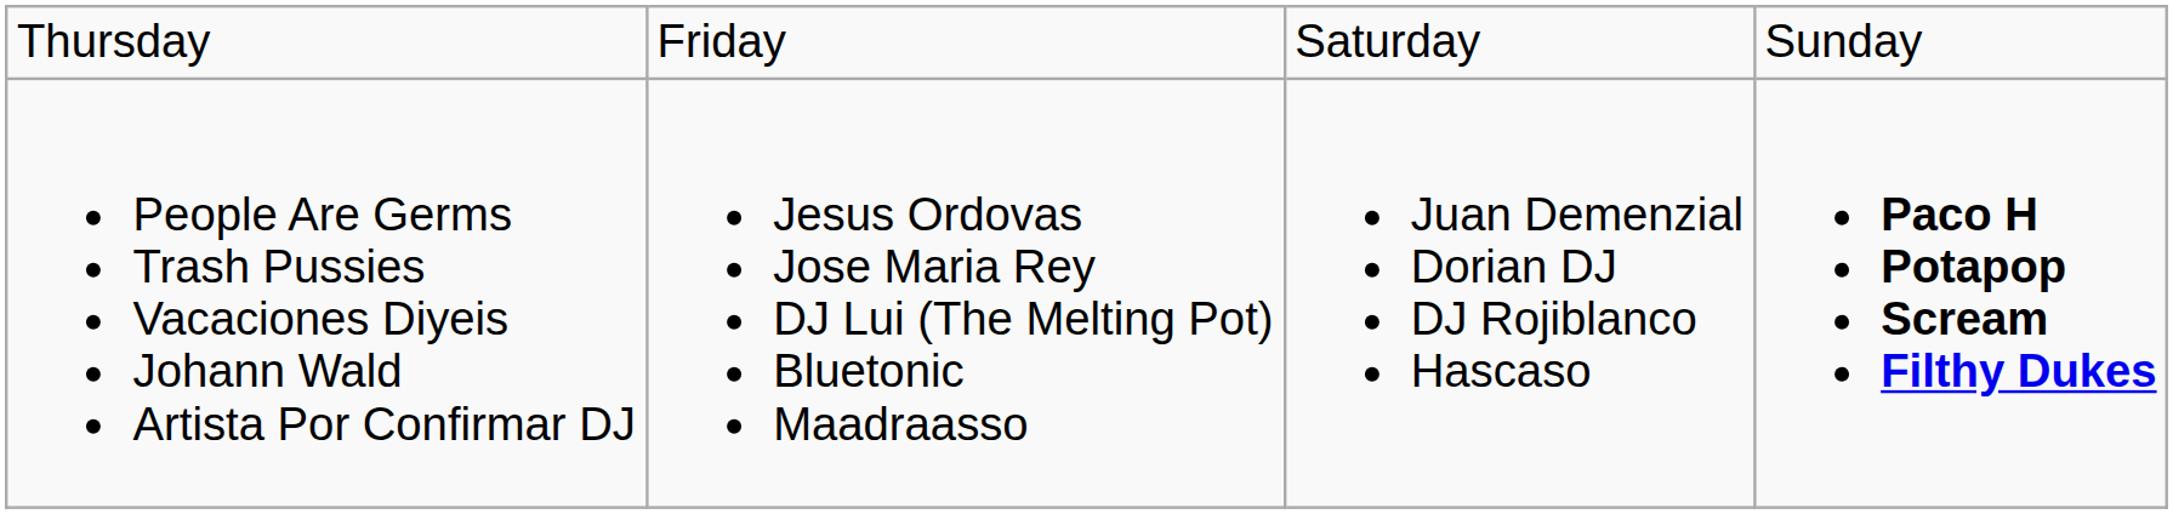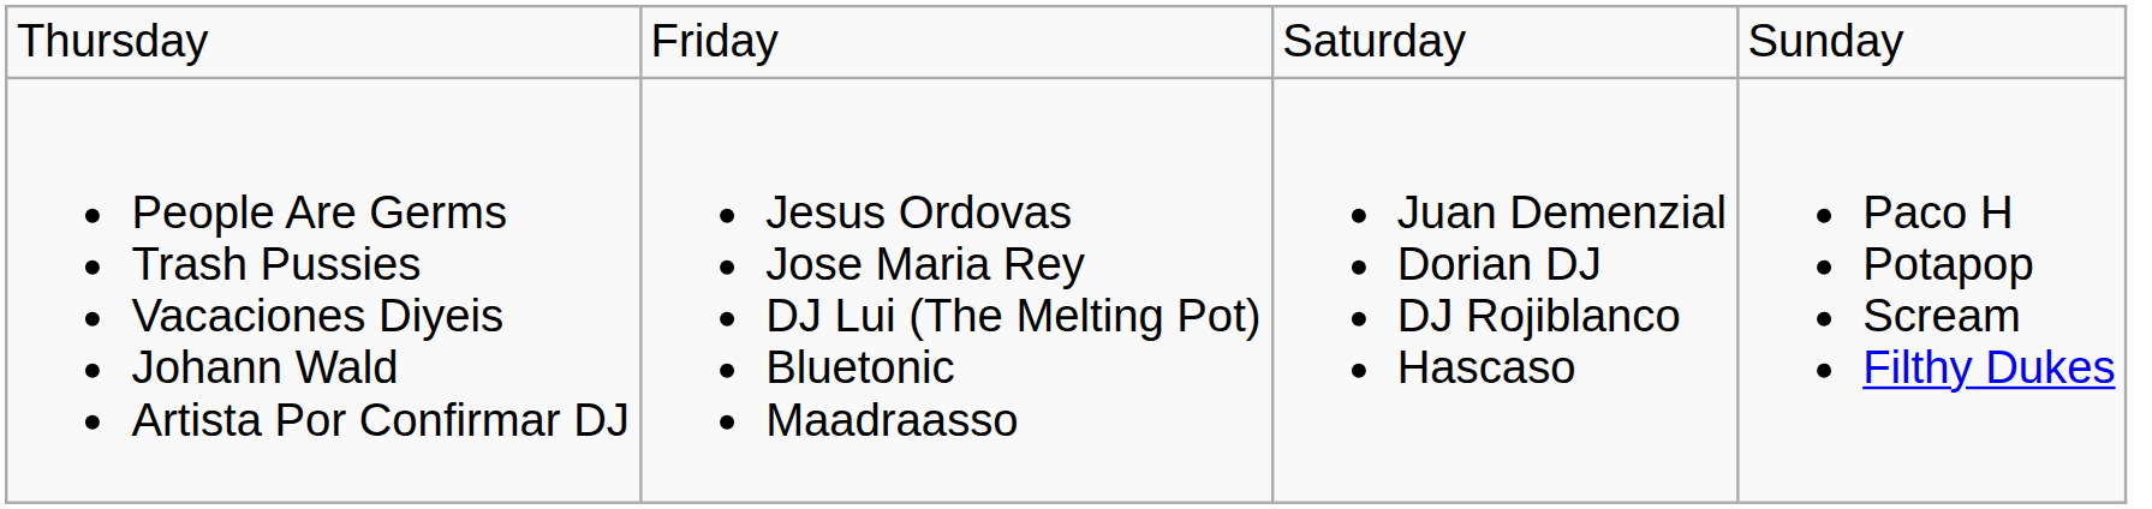 <table class="wikitable">
 <tr>
 <td>Thursday</td>
 <td>Friday</td>
 <td>Saturday</td>
 <td>Sunday</td>
 </tr>
 <tr valign="top">
 <td><br><ul><li>People Are Germs</li><li>Trash Pussies</li><li>Vacaciones Diyeis</li><li>Johann Wald</li><li>Artista Por Confirmar DJ</li></ul></td>
 <td><br><ul><li>Jesus Ordovas</li><li>Jose Maria Rey</li><li>DJ Lui (The Melting Pot)</li><li>Bluetonic</li><li>Maadraasso</li></ul></td>
 <td><br><ul><li>Juan Demenzial</li><li>Dorian DJ</li><li>DJ Rojiblanco</li><li>Hascaso</li></ul></td>
-<td><strong><br><ul><li>Paco H</li><li>Potapop</li><li>Scream</li><li><a href='#'>Filthy Dukes</a></li></ul></strong></td>
+<td><br><ul><li>Paco H</li><li>Potapop</li><li>Scream</li><li><a href='#'>Filthy Dukes</a></li></ul></td>
 </tr>
 </table>
